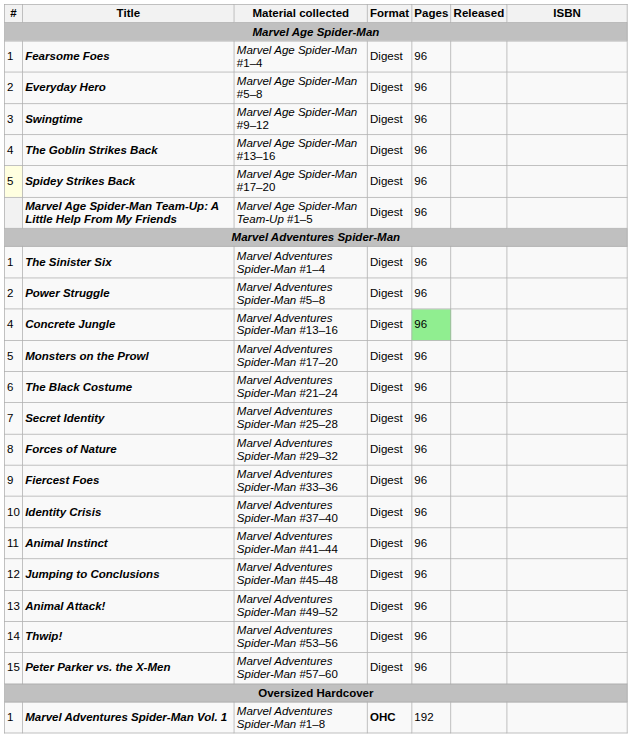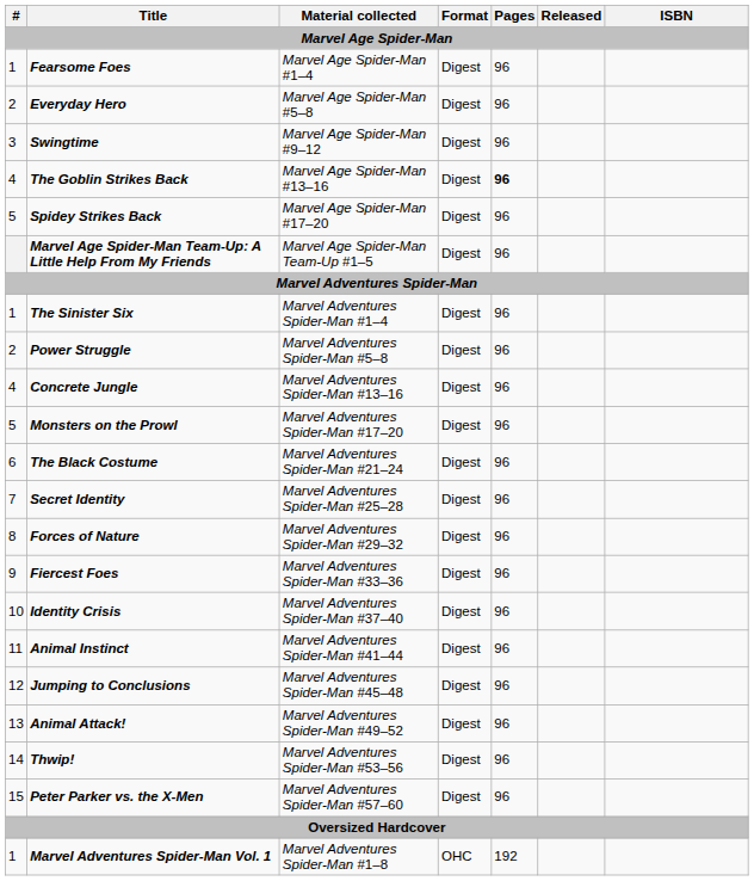 <table class="wikitable sortable" width=98%>
 <tr>
 <th width=4px>#</th>
 <th>Title</th>
 <th>Material collected</th>
 <th class="unsortable">Format</th>
 <th>Pages</th>
 <th>Released</th>
 <th class="unsortable" style="width: 10em;">ISBN</th>
 </tr>
 <tr>
 <th colspan="7" style="background-color: silver;"><em>Marvel Age Spider-Man</em></th>
 </tr>
 <tr>
 <td>1</td>
 <td><strong><em>Fearsome Foes</em></strong></td>
 <td><em>Marvel Age Spider-Man</em> #1–4</td>
 <td>Digest</td>
 <td>96</td>
 <td></td>
 <td></td>
 </tr>
 <tr>
 <td>2</td>
 <td><strong><em>Everyday Hero</em></strong></td>
 <td><em>Marvel Age Spider-Man</em> #5–8</td>
 <td>Digest</td>
 <td>96</td>
 <td></td>
 <td></td>
 </tr>
 <tr>
 <td>3</td>
 <td><strong><em>Swingtime</em></strong></td>
 <td><em>Marvel Age Spider-Man</em> #9–12</td>
 <td>Digest</td>
 <td>96</td>
 <td></td>
 <td></td>
 </tr>
 <tr>
 <td>4</td>
 <td><strong><em>The Goblin Strikes Back</em></strong></td>
 <td><em>Marvel Age Spider-Man</em> #13–16</td>
 <td>Digest</td>
-<td>96</td>
+<td><strong>96</strong></td>
 <td></td>
 <td></td>
 </tr>
 <tr>
-<td style="background: lightyellow;">5</td>
+<td>5</td>
 <td><strong><em>Spidey Strikes Back</em></strong></td>
 <td><em>Marvel Age Spider-Man</em> #17–20</td>
 <td>Digest</td>
 <td>96</td>
 <td></td>
 <td></td>
 </tr>
 <tr>
 <th style="background-color: light grey;"></th>
 <td><strong><em> Marvel Age Spider-Man Team-Up: A Little Help From My Friends</em></strong></td>
 <td><em>Marvel Age Spider-Man Team-Up</em> #1–5</td>
 <td>Digest</td>
 <td>96</td>
 <td></td>
 <td></td>
 </tr>
 <tr>
 <th colspan="7" style="background-color: silver;"><em>Marvel Adventures Spider-Man</em></th>
 </tr>
 <tr>
 <td>1</td>
 <td><strong><em>The Sinister Six</em></strong></td>
 <td><em>Marvel Adventures Spider-Man</em> #1–4</td>
 <td>Digest</td>
 <td>96</td>
 <td></td>
 <td></td>
 </tr>
 <tr>
 <td>2</td>
 <td><strong><em>Power Struggle</em></strong></td>
 <td><em>Marvel Adventures Spider-Man</em> #5–8</td>
 <td>Digest</td>
 <td>96</td>
 <td></td>
 <td></td>
 </tr>
 <tr>
 <td>4</td>
 <td><strong><em>Concrete Jungle</em></strong></td>
 <td><em>Marvel Adventures Spider-Man</em> #13–16</td>
 <td>Digest</td>
-<td style="background: lightgreen;">96</td>
+<td>96</td>
 <td></td>
 <td></td>
 </tr>
 <tr>
 <td>5</td>
 <td><strong><em>Monsters on the Prowl</em></strong></td>
 <td><em>Marvel Adventures Spider-Man</em> #17–20</td>
 <td>Digest</td>
 <td>96</td>
 <td></td>
 <td></td>
 </tr>
 <tr>
 <td>6</td>
 <td><strong><em>The Black Costume</em></strong></td>
 <td><em>Marvel Adventures Spider-Man</em> #21–24</td>
 <td>Digest</td>
 <td>96</td>
 <td></td>
 <td></td>
 </tr>
 <tr>
 <td>7</td>
 <td><strong><em>Secret Identity</em></strong></td>
 <td><em>Marvel Adventures Spider-Man</em> #25–28</td>
 <td>Digest</td>
 <td>96</td>
 <td></td>
 <td></td>
 </tr>
 <tr>
 <td>8</td>
 <td><strong><em>Forces of Nature</em></strong></td>
 <td><em>Marvel Adventures Spider-Man</em> #29–32</td>
 <td>Digest</td>
 <td>96</td>
 <td></td>
 <td></td>
 </tr>
 <tr>
 <td>9</td>
 <td><strong><em>Fiercest Foes</em></strong></td>
 <td><em>Marvel Adventures Spider-Man</em> #33–36</td>
 <td>Digest</td>
 <td>96</td>
 <td></td>
 <td></td>
 </tr>
 <tr>
 <td>10</td>
 <td><strong><em>Identity Crisis</em></strong></td>
 <td><em>Marvel Adventures Spider-Man</em> #37–40</td>
 <td>Digest</td>
 <td>96</td>
 <td></td>
 <td></td>
 </tr>
 <tr>
 <td>11</td>
 <td><strong><em>Animal Instinct</em></strong></td>
 <td><em>Marvel Adventures Spider-Man</em> #41–44</td>
 <td>Digest</td>
 <td>96</td>
 <td></td>
 <td></td>
 </tr>
 <tr>
 <td>12</td>
 <td><strong><em>Jumping to Conclusions</em></strong></td>
 <td><em>Marvel Adventures Spider-Man</em> #45–48</td>
 <td>Digest</td>
 <td>96</td>
 <td></td>
 <td></td>
 </tr>
 <tr>
 <td>13</td>
 <td><strong><em>Animal Attack!</em></strong></td>
 <td><em>Marvel Adventures Spider-Man</em> #49–52</td>
 <td>Digest</td>
 <td>96</td>
 <td></td>
 <td></td>
 </tr>
 <tr>
 <td>14</td>
 <td><strong><em>Thwip!</em></strong></td>
 <td><em>Marvel Adventures Spider-Man</em> #53–56</td>
 <td>Digest</td>
 <td>96</td>
 <td></td>
 <td></td>
 </tr>
 <tr>
 <td>15</td>
 <td><strong><em>Peter Parker vs. the X-Men</em></strong></td>
 <td><em>Marvel Adventures Spider-Man</em> #57–60</td>
 <td>Digest</td>
 <td>96</td>
 <td></td>
 <td></td>
 </tr>
 <tr>
 <th colspan="7" style="background-color: silver;">Oversized Hardcover</th>
 </tr>
 <tr>
 <td>1</td>
 <td><strong><em>Marvel Adventures Spider-Man Vol. 1</em></strong></td>
 <td><em>Marvel Adventures Spider-Man</em> #1–8</td>
-<td><strong>OHC</strong></td>
+<td>OHC</td>
 <td>192</td>
 <td></td>
 <td></td>
 </tr>
 </table>
